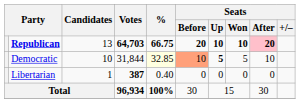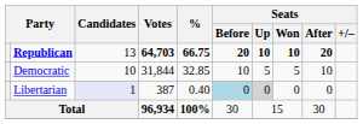 <table class="wikitable">
 <tr>
 <th rowspan="2" colspan="2">Party</th>
 <th rowspan="2">Candidates</th>
 <th rowspan="2">Votes</th>
 <th rowspan="2">%</th>
 <th colspan="5">Seats</th>
 </tr>
 <tr>
 <th>Before<br></th>
 <th>Up</th>
 <th>Won</th>
 <th>After<br></th>
 <th>+/–</th>
 </tr>
 <tr>
 <th style="background-color:"></th>
 <td><strong><a href='#'>Republican</a></strong></td>
 <td align="right">13</td>
 <td align="right"><strong>64,703</strong></td>
 <td align="right"><strong>66.75</strong></td>
 <td align="right"><strong>20</strong></td>
 <td align="right"><strong>10</strong></td>
 <td align="right"><strong>10</strong></td>
-<td align="right" style="background: pink;"><strong>20</strong></td>
+<td align="right"><strong>20</strong></td>
 <td align="right"></td>
 </tr>
 <tr>
 <th style="background-color:"></th>
 <td><a href='#'>Democratic</a></td>
 <td align="right">10</td>
 <td align="right">31,844</td>
-<td align="right" style="background: lightyellow;">32.85</td>
-<td align="right" style="background: lightsalmon;">10</td>
-<td align="right"><strong>5</strong></td>
+<td align="right">32.85</td>
+<td align="right">10</td>
+<td align="right">5</td>
 <td align="right">5</td>
 <td align="right">10</td>
 <td align="right"></td>
 </tr>
 <tr>
 <th style="background-color:"></th>
 <td><a href='#'>Libertarian</a></td>
-<td align="right">1</td>
-<td align="right"><strong>387</strong></td>
+<td align="right" style="background: lavender;">1</td>
+<td align="right">387</td>
 <td align="right">0.40</td>
-<td align="right">0</td>
-<td align="right">0</td>
+<td align="right" style="background: lightblue;">0</td>
+<td align="right" style="background: lightgrey;">0</td>
 <td align="right">0</td>
 <td align="right">0</td>
 <td align="right"></td>
 </tr>
 <tr>
 <th colspan="3">Total</th>
 <td align="right"><strong>96,934</strong></td>
 <td align="right"><strong>100%</strong></td>
 <td align="center">30</td>
 <td colspan="2" align="center">15</td>
 <td align="center">30</td>
 <td align="right"></td>
 </tr>
 <tr>
 </tr>
 </table>
